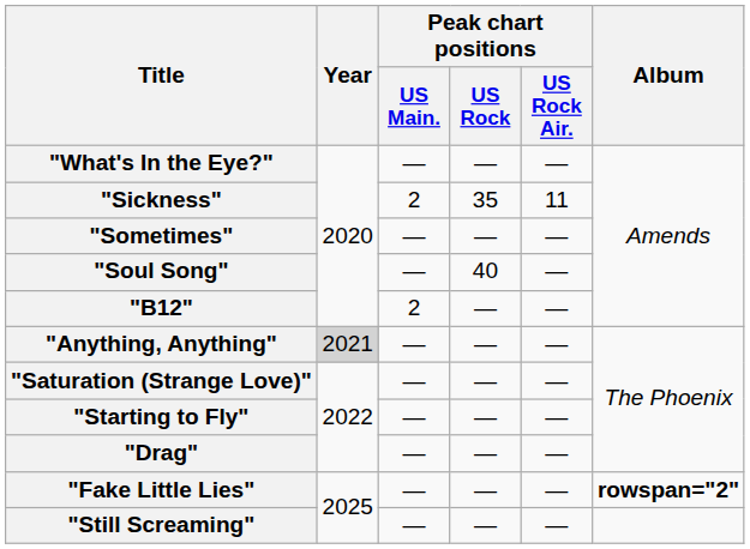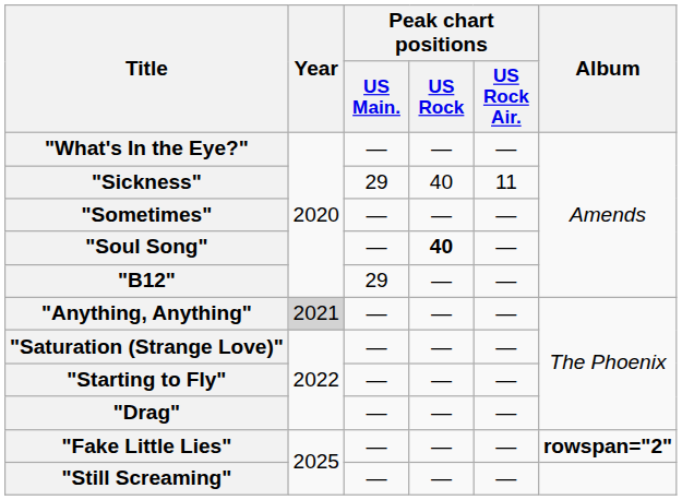 <table class="wikitable plainrowheaders" style="text-align:center;">
 <tr>
 <th rowspan="2" scope="col">Title</th>
 <th rowspan="2" scope="col">Year</th>
 <th colspan="3" scope="col">Peak chart positions</th>
 <th rowspan="2" scope="col">Album</th>
 </tr>
 <tr>
 <th style="width:3em; font-size:90%;"><a href='#'>US Main.</a><br></th>
 <th style="width:3em; font-size:90%;"><a href='#'>US<br>Rock</a><br></th>
 <th style="width:3em; font-size:90%;"><a href='#'>US<br>Rock<br>Air.</a><br></th>
 </tr>
 <tr>
 <th scope="row">"What's In the Eye?"</th>
 <td rowspan="5">2020</td>
 <td>—</td>
 <td>—</td>
 <td>—</td>
 <td rowspan="5"><em>Amends</em></td>
 </tr>
 <tr>
 <th scope="row">"Sickness"</th>
-<td>2</td>
-<td>35</td>
+<td>29</td>
+<td>40</td>
 <td>11</td>
 </tr>
 <tr>
 <th scope="row">"Sometimes"</th>
 <td>—</td>
 <td>—</td>
 <td>—</td>
 </tr>
 <tr>
 <th scope="row">"Soul Song"</th>
 <td>—</td>
-<td>40</td>
+<td><strong>40</strong></td>
 <td>—</td>
 </tr>
 <tr>
 <th scope="row">"B12"</th>
-<td>2</td>
+<td>29</td>
 <td>—</td>
 <td>—</td>
 </tr>
 <tr>
 <th scope="row">"Anything, Anything"</th>
 <td style="background: lightgrey;">2021</td>
 <td>—</td>
 <td>—</td>
 <td>—</td>
 <td rowspan="4"><em>The Phoenix</em></td>
 </tr>
 <tr>
 <th scope="row">"Saturation (Strange Love)"</th>
 <td rowspan="3">2022</td>
 <td>—</td>
 <td>—</td>
 <td>—</td>
 </tr>
 <tr>
 <th scope="row">"Starting to Fly"</th>
 <td>—</td>
 <td>—</td>
 <td>—</td>
 </tr>
 <tr>
 <th scope="row">"Drag"</th>
 <td>—</td>
 <td>—</td>
 <td>—</td>
 </tr>
 <tr>
 <th scope="row">"Fake Little Lies"</th>
 <td rowspan="2">2025</td>
 <td>—</td>
 <td>—</td>
 <td>—</td>
 <td><strong>rowspan="2" </strong></td>
 </tr>
 <tr>
 <th scope="row">"Still Screaming"</th>
 <td>—</td>
 <td>—</td>
 <td>—</td>
 </tr>
 </table>
